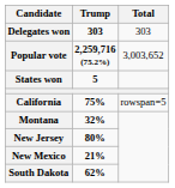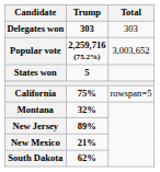 <table class="wikitable" style="font-size:12px; text-align: center;">
 <tr>
 <th>Candidate</th>
 <th>Trump</th>
 <th>Total</th>
 </tr>
 <tr>
 <th>Delegates won</th>
 <td><strong>303</strong> </td>
 <td>303</td>
 </tr>
 <tr>
 <th>Popular vote</th>
 <td><strong>2,259,716 <br><small>(75.2%)</small></strong> </td>
 <td>3,003,652 </td>
 </tr>
 <tr>
 <th>States won</th>
 <td><strong>5</strong>   </td>
 <td></td>
 </tr>
 <tr>
 <th colspan="5"></th>
 </tr>
 <tr>
 <th>California</th>
 <td><strong>75%</strong> </td>
 <td>rowspan=5 </td>
 </tr>
 <tr>
 <th>Montana</th>
 <td><strong>32%</strong> </td>
 </tr>
 <tr>
 <th>New Jersey</th>
-<td><strong>80%</strong> </td>
+<td><strong>89%</strong> </td>
 </tr>
 <tr>
 <th>New Mexico</th>
 <td><strong>21%</strong> </td>
 </tr>
 <tr>
 <th>South Dakota</th>
 <td><strong>62%</strong> </td>
 </tr>
 </table>
